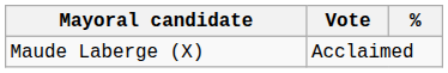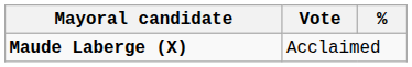 <table class="wikitable">
 <tr>
 <th bgcolor="#DDDDFF" width="200px">Mayoral candidate</th>
 <th bgcolor="#DDDDFF" width="50px">Vote</th>
 <th bgcolor="#DDDDFF"  width="30px">%</th>
 </tr>
 <tr>
-<td>Maude Laberge (X)</td>
+<td><strong>Maude Laberge (X)</strong></td>
 <td colspan="2">Acclaimed</td>
 </tr>
 </table>
